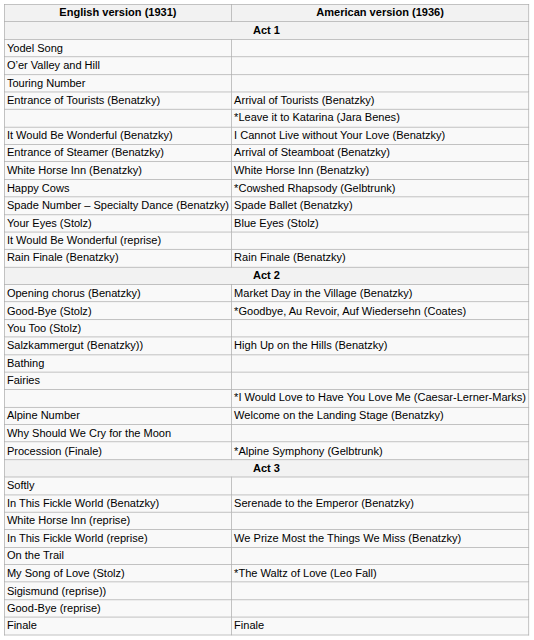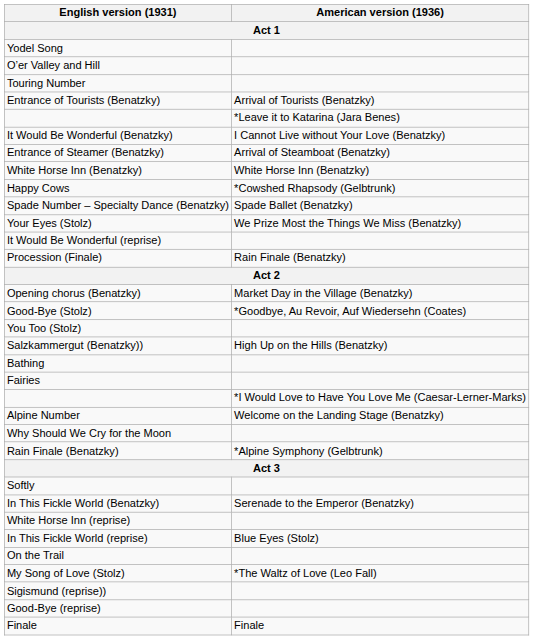 <table class="wikitable">
 <tr>
 <th>English version (1931)</th>
 <th>American version (1936)</th>
 </tr>
 <tr>
 <th colspan="2">Act 1</th>
 </tr>
 <tr>
 <td>Yodel Song</td>
 <td></td>
 </tr>
 <tr>
 <td>O’er Valley and Hill</td>
 <td></td>
 </tr>
 <tr>
 <td>Touring Number</td>
 <td></td>
 </tr>
 <tr>
 <td>Entrance of Tourists (Benatzky)</td>
 <td>Arrival of Tourists (Benatzky)</td>
 </tr>
 <tr>
 <td></td>
 <td>*Leave it to Katarina (Jara Benes)</td>
 </tr>
 <tr>
 <td>It Would Be Wonderful (Benatzky)</td>
 <td>I Cannot Live without Your Love (Benatzky)</td>
 </tr>
 <tr>
 <td>Entrance of Steamer (Benatzky)</td>
 <td>Arrival of Steamboat (Benatzky)</td>
 </tr>
 <tr>
 <td>White Horse Inn (Benatzky)</td>
 <td>White Horse Inn (Benatzky)</td>
 </tr>
 <tr>
 <td>Happy Cows</td>
 <td>*Cowshed Rhapsody (Gelbtrunk)</td>
 </tr>
 <tr>
 <td>Spade Number – Specialty Dance (Benatzky)</td>
 <td>Spade Ballet (Benatzky)</td>
 </tr>
 <tr>
 <td>Your Eyes (Stolz)</td>
-<td>Blue Eyes (Stolz)</td>
+<td>We Prize Most the Things We Miss (Benatzky)</td>
 </tr>
 <tr>
 <td>It Would Be Wonderful (reprise)</td>
 <td></td>
 </tr>
 <tr>
-<td>Rain Finale (Benatzky)</td>
+<td>Procession (Finale)</td>
 <td>Rain Finale (Benatzky)</td>
 </tr>
 <tr>
 <th colspan="2">Act 2</th>
 </tr>
 <tr>
 <td>Opening chorus (Benatzky)</td>
 <td>Market Day in the Village (Benatzky)</td>
 </tr>
 <tr>
 <td>Good-Bye (Stolz)</td>
 <td>*Goodbye, Au Revoir, Auf Wiedersehn (Coates)</td>
 </tr>
 <tr>
 <td>You Too (Stolz)</td>
 <td></td>
 </tr>
 <tr>
 <td>Salzkammergut (Benatzky))</td>
 <td>High Up on the Hills (Benatzky)</td>
 </tr>
 <tr>
 <td>Bathing</td>
 <td></td>
 </tr>
 <tr>
 <td>Fairies</td>
 <td></td>
 </tr>
 <tr>
 <td></td>
 <td>*I Would Love to Have You Love Me (Caesar-Lerner-Marks)</td>
 </tr>
 <tr>
 <td>Alpine Number</td>
 <td>Welcome on the Landing Stage (Benatzky)</td>
 </tr>
 <tr>
 <td>Why Should We Cry for the Moon</td>
 <td></td>
 </tr>
 <tr>
-<td>Procession (Finale)</td>
+<td>Rain Finale (Benatzky)</td>
 <td>*Alpine Symphony (Gelbtrunk)</td>
 </tr>
 <tr>
 <th colspan="2">Act 3</th>
 </tr>
 <tr>
 <td>Softly</td>
 <td></td>
 </tr>
 <tr>
 <td>In This Fickle World (Benatzky)</td>
 <td>Serenade to the Emperor (Benatzky)</td>
 </tr>
 <tr>
 <td>White Horse Inn (reprise)</td>
 <td></td>
 </tr>
 <tr>
 <td>In This Fickle World (reprise)</td>
-<td>We Prize Most the Things We Miss (Benatzky)</td>
+<td>Blue Eyes (Stolz)</td>
 </tr>
 <tr>
 <td>On the Trail</td>
 <td></td>
 </tr>
 <tr>
 <td>My Song of Love (Stolz)</td>
 <td>*The Waltz of Love (Leo Fall)</td>
 </tr>
 <tr>
 <td>Sigismund (reprise))</td>
 <td></td>
 </tr>
 <tr>
 <td>Good-Bye (reprise)</td>
 <td></td>
 </tr>
 <tr>
 <td>Finale</td>
 <td>Finale</td>
 </tr>
 </table>
